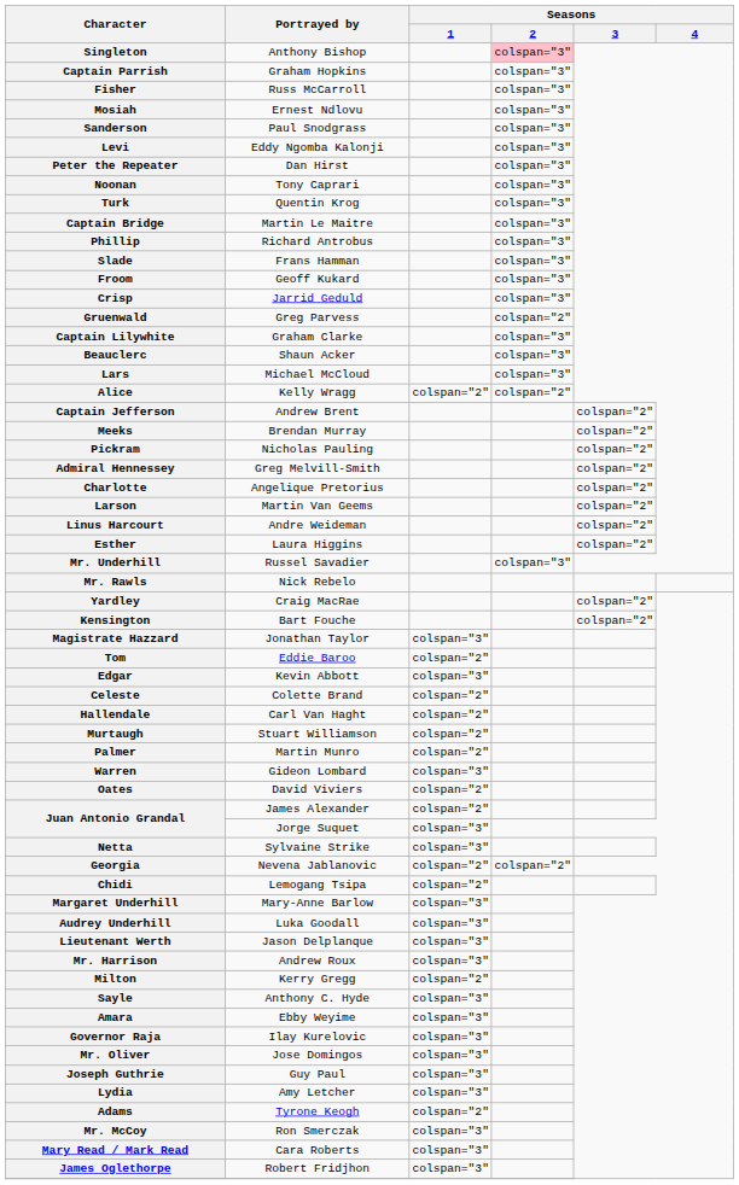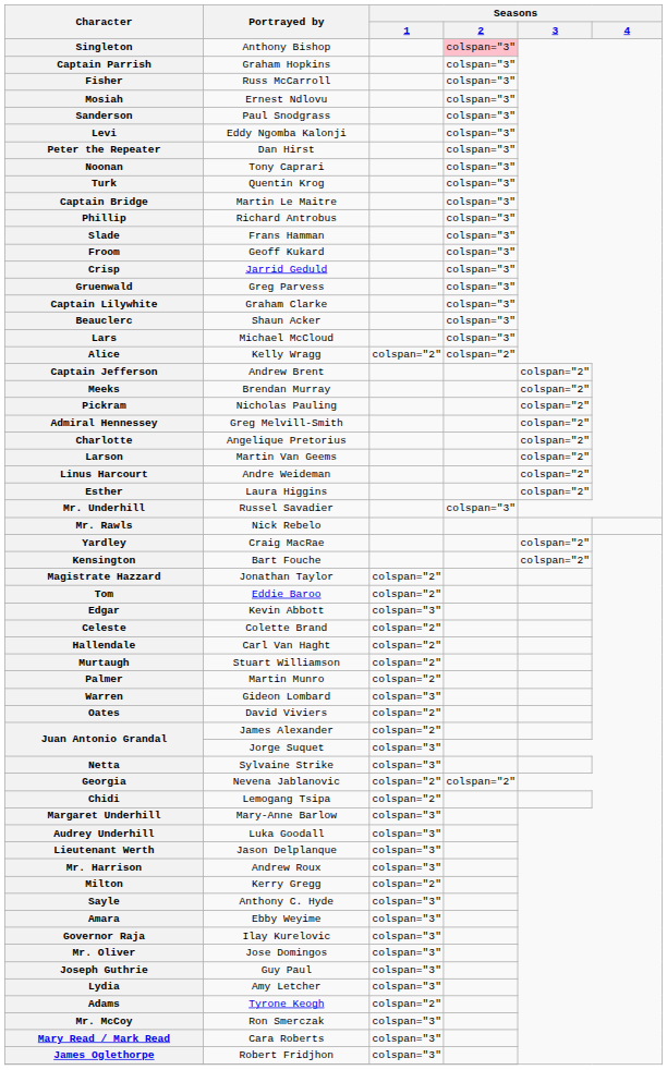 <table class="wikitable" style="text-align: center;">
 <tr>
 <th rowspan="2" style="width:240px;">Character</th>
 <th rowspan="2" style="width:200px;">Portrayed by</th>
 <th colspan="4">Seasons</th>
 </tr>
 <tr>
 <th style="width:80px;"><a href='#'>1</a></th>
 <th style="width:80px;"><a href='#'>2</a></th>
 <th style="width:80px;"><a href='#'>3</a></th>
 <th style="width:80px;"><a href='#'>4</a></th>
 </tr>
 <tr>
 <th>Singleton</th>
 <td>Anthony Bishop</td>
 <td></td>
 <td style="background: pink;">colspan="3" </td>
 </tr>
 <tr>
 <th>Captain Parrish</th>
 <td>Graham Hopkins</td>
 <td></td>
 <td>colspan="3" </td>
 </tr>
 <tr>
 <th>Fisher</th>
 <td>Russ McCarroll</td>
 <td></td>
 <td>colspan="3" </td>
 </tr>
 <tr>
 <th>Mosiah</th>
 <td>Ernest Ndlovu</td>
 <td></td>
 <td>colspan="3" </td>
 </tr>
 <tr>
 <th>Sanderson</th>
 <td>Paul Snodgrass</td>
 <td></td>
 <td>colspan="3" </td>
 </tr>
 <tr>
 <th>Levi</th>
 <td>Eddy Ngomba Kalonji</td>
 <td></td>
 <td>colspan="3" </td>
 </tr>
 <tr>
 <th>Peter the Repeater</th>
 <td>Dan Hirst</td>
 <td></td>
 <td>colspan="3" </td>
 </tr>
 <tr>
 <th>Noonan</th>
 <td>Tony Caprari</td>
 <td></td>
 <td>colspan="3" </td>
 </tr>
 <tr>
 <th>Turk</th>
 <td>Quentin Krog</td>
 <td></td>
 <td>colspan="3" </td>
 </tr>
 <tr>
 <th>Captain Bridge</th>
 <td>Martin Le Maitre</td>
 <td></td>
 <td>colspan="3" </td>
 </tr>
 <tr>
 <th>Phillip</th>
 <td>Richard Antrobus</td>
 <td></td>
 <td>colspan="3" </td>
 </tr>
 <tr>
 <th>Slade</th>
 <td>Frans Hamman</td>
 <td></td>
 <td>colspan="3" </td>
 </tr>
 <tr>
 <th>Froom</th>
 <td>Geoff Kukard</td>
 <td></td>
 <td>colspan="3" </td>
 </tr>
 <tr>
 <th>Crisp</th>
 <td><a href='#'>Jarrid Geduld</a></td>
 <td></td>
 <td>colspan="3" </td>
 </tr>
 <tr>
 <th>Gruenwald</th>
 <td>Greg Parvess</td>
 <td></td>
-<td>colspan="2" </td>
+<td>colspan="3" </td>
 </tr>
 <tr>
 <th>Captain Lilywhite</th>
 <td>Graham Clarke</td>
 <td></td>
 <td>colspan="3" </td>
 </tr>
 <tr>
 <th>Beauclerc</th>
 <td>Shaun Acker</td>
 <td></td>
 <td>colspan="3" </td>
 </tr>
 <tr>
 <th>Lars</th>
 <td>Michael McCloud</td>
 <td></td>
 <td>colspan="3" </td>
 </tr>
 <tr>
 <th>Alice</th>
 <td>Kelly Wragg</td>
 <td>colspan="2" </td>
 <td>colspan="2" </td>
 </tr>
 <tr>
 <th>Captain Jefferson</th>
 <td>Andrew Brent</td>
 <td></td>
 <td></td>
 <td>colspan="2" </td>
 </tr>
 <tr>
 <th>Meeks</th>
 <td>Brendan Murray</td>
 <td></td>
 <td></td>
 <td>colspan="2" </td>
 </tr>
 <tr>
 <th>Pickram</th>
 <td>Nicholas Pauling</td>
 <td></td>
 <td></td>
 <td>colspan="2" </td>
 </tr>
 <tr>
 <th>Admiral Hennessey</th>
 <td>Greg Melvill-Smith</td>
 <td></td>
 <td></td>
 <td>colspan="2" </td>
 </tr>
 <tr>
 <th>Charlotte</th>
 <td>Angelique Pretorius</td>
 <td></td>
 <td></td>
 <td>colspan="2" </td>
 </tr>
 <tr>
 <th>Larson</th>
 <td>Martin Van Geems</td>
 <td></td>
 <td></td>
 <td>colspan="2" </td>
 </tr>
 <tr>
 <th>Linus Harcourt</th>
 <td>Andre Weideman</td>
 <td></td>
 <td></td>
 <td>colspan="2" </td>
 </tr>
 <tr>
 <th>Esther</th>
 <td>Laura Higgins</td>
 <td></td>
 <td></td>
 <td>colspan="2" </td>
 </tr>
 <tr>
 <th>Mr. Underhill</th>
 <td>Russel Savadier</td>
 <td></td>
 <td>colspan="3" </td>
 </tr>
 <tr>
 <th>Mr. Rawls</th>
 <td>Nick Rebelo</td>
 <td></td>
 <td></td>
 <td></td>
 <td></td>
 </tr>
 <tr>
 <th>Yardley</th>
 <td>Craig MacRae</td>
 <td></td>
 <td></td>
 <td>colspan="2" </td>
 </tr>
 <tr>
 <th>Kensington</th>
 <td>Bart Fouche</td>
 <td></td>
 <td></td>
 <td>colspan="2" </td>
 </tr>
 <tr>
 <th>Magistrate Hazzard</th>
 <td>Jonathan Taylor</td>
-<td>colspan="3" </td>
+<td>colspan="2" </td>
 <td></td>
 <td></td>
 </tr>
 <tr>
 <th>Tom</th>
 <td><a href='#'>Eddie Baroo</a></td>
 <td>colspan="2" </td>
 <td></td>
 <td></td>
 </tr>
 <tr>
 <th>Edgar</th>
 <td>Kevin Abbott</td>
 <td>colspan="3" </td>
 <td></td>
 <td></td>
 </tr>
 <tr>
 <th>Celeste</th>
 <td>Colette Brand</td>
 <td>colspan="2" </td>
 <td></td>
 <td></td>
 </tr>
 <tr>
 <th>Hallendale</th>
 <td>Carl Van Haght</td>
 <td>colspan="2" </td>
 <td></td>
 <td></td>
 </tr>
 <tr>
 <th>Murtaugh</th>
 <td>Stuart Williamson</td>
 <td>colspan="2" </td>
 <td></td>
 <td></td>
 </tr>
 <tr>
 <th>Palmer</th>
 <td>Martin Munro</td>
 <td>colspan="2" </td>
 <td></td>
 <td></td>
 </tr>
 <tr>
 <th>Warren</th>
 <td>Gideon Lombard</td>
 <td>colspan="3" </td>
 <td></td>
 <td></td>
 </tr>
 <tr>
 <th>Oates</th>
 <td>David Viviers</td>
 <td>colspan="2" </td>
 <td></td>
 <td></td>
 </tr>
 <tr>
 <th rowspan="2">Juan Antonio Grandal</th>
 <td>James Alexander</td>
 <td>colspan="2" </td>
 <td></td>
 <td></td>
 </tr>
 <tr>
 <td>Jorge Suquet</td>
 <td>colspan="3" </td>
 <td></td>
 </tr>
 <tr>
 <th>Netta</th>
 <td>Sylvaine Strike</td>
 <td>colspan="3" </td>
 <td></td>
 <td></td>
 </tr>
 <tr>
 <th>Georgia</th>
 <td>Nevena Jablanovic</td>
 <td>colspan="2" </td>
 <td>colspan="2" </td>
 </tr>
 <tr>
 <th>Chidi</th>
 <td>Lemogang Tsipa</td>
 <td>colspan="2" </td>
 <td></td>
 <td></td>
 </tr>
 <tr>
 <th>Margaret Underhill</th>
 <td>Mary-Anne Barlow</td>
 <td>colspan="3" </td>
 <td></td>
 </tr>
 <tr>
 <th>Audrey Underhill</th>
 <td>Luka Goodall</td>
 <td>colspan="3" </td>
 <td></td>
 </tr>
 <tr>
 <th>Lieutenant Werth</th>
 <td>Jason Delplanque</td>
 <td>colspan="3" </td>
 <td></td>
 </tr>
 <tr>
 <th>Mr. Harrison</th>
 <td>Andrew Roux</td>
 <td>colspan="3" </td>
 <td></td>
 </tr>
 <tr>
 <th>Milton</th>
 <td>Kerry Gregg</td>
 <td>colspan="2" </td>
 <td></td>
 </tr>
 <tr>
 <th>Sayle</th>
 <td>Anthony C. Hyde</td>
 <td>colspan="3" </td>
 <td></td>
 </tr>
 <tr>
 <th>Amara</th>
 <td>Ebby Weyime</td>
 <td>colspan="3" </td>
 <td></td>
 </tr>
 <tr>
 <th>Governor Raja</th>
 <td>Ilay Kurelovic</td>
 <td>colspan="3" </td>
 <td></td>
 </tr>
 <tr>
 <th>Mr. Oliver</th>
 <td>Jose Domingos</td>
 <td>colspan="3" </td>
 <td></td>
 </tr>
 <tr>
 <th>Joseph Guthrie</th>
 <td>Guy Paul</td>
 <td>colspan="3" </td>
 <td></td>
 </tr>
 <tr>
 <th>Lydia</th>
 <td>Amy Letcher</td>
 <td>colspan="3" </td>
 <td></td>
 </tr>
 <tr>
 <th>Adams</th>
 <td><a href='#'>Tyrone Keogh</a></td>
 <td>colspan="2" </td>
 <td></td>
 </tr>
 <tr>
 <th>Mr. McCoy</th>
 <td>Ron Smerczak</td>
 <td>colspan="3" </td>
 <td></td>
 </tr>
 <tr>
 <th><a href='#'>Mary Read / Mark Read</a></th>
 <td>Cara Roberts</td>
 <td>colspan="3" </td>
 <td></td>
 </tr>
 <tr>
 <th><a href='#'>James Oglethorpe</a></th>
 <td>Robert Fridjhon</td>
 <td>colspan="3" </td>
 <td></td>
 </tr>
 <tr>
 </tr>
 </table>
